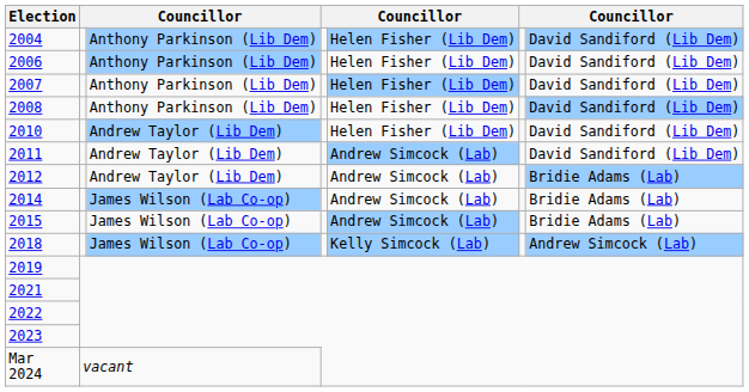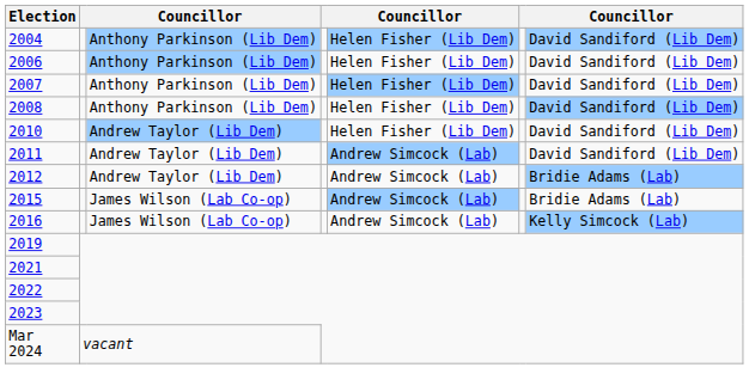 <table class="wikitable">
 <tr>
 <th>Election</th>
 <th colspan="2">Councillor</th>
 <th colspan="2">Councillor</th>
 <th colspan="2">Councillor</th>
 </tr>
 <tr>
 <td><a href='#'>2004</a></td>
 <td style="background-color: "></td>
 <td bgcolor="#99CCFF">Anthony Parkinson (<a href='#'>Lib Dem</a>)</td>
 <td style="background-color: "></td>
 <td bgcolor="#99CCFF">Helen Fisher (<a href='#'>Lib Dem</a>)</td>
 <td style="background-color: "></td>
 <td bgcolor="#99CCFF">David Sandiford (<a href='#'>Lib Dem</a>)</td>
 </tr>
 <tr>
 <td><a href='#'>2006</a></td>
 <td style="background-color: "></td>
 <td bgcolor="#99CCFF">Anthony Parkinson (<a href='#'>Lib Dem</a>)</td>
 <td style="background-color: "></td>
 <td>Helen Fisher (<a href='#'>Lib Dem</a>)</td>
 <td style="background-color: "></td>
 <td>David Sandiford (<a href='#'>Lib Dem</a>)</td>
 </tr>
 <tr>
 <td><a href='#'>2007</a></td>
 <td style="background-color: "></td>
 <td>Anthony Parkinson (<a href='#'>Lib Dem</a>)</td>
 <td style="background-color: "></td>
 <td bgcolor="#99CCFF">Helen Fisher (<a href='#'>Lib Dem</a>)</td>
 <td style="background-color: "></td>
 <td>David Sandiford (<a href='#'>Lib Dem</a>)</td>
 </tr>
 <tr>
 <td><a href='#'>2008</a></td>
 <td style="background-color: "></td>
 <td>Anthony Parkinson (<a href='#'>Lib Dem</a>)</td>
 <td style="background-color: "></td>
 <td>Helen Fisher (<a href='#'>Lib Dem</a>)</td>
 <td style="background-color: "></td>
 <td bgcolor="#99CCFF">David Sandiford (<a href='#'>Lib Dem</a>)</td>
 </tr>
 <tr>
 <td><a href='#'>2010</a></td>
 <td style="background-color: "></td>
 <td bgcolor="#99CCFF">Andrew Taylor (<a href='#'>Lib Dem</a>)</td>
 <td style="background-color: "></td>
 <td>Helen Fisher (<a href='#'>Lib Dem</a>)</td>
 <td style="background-color: "></td>
 <td>David Sandiford (<a href='#'>Lib Dem</a>)</td>
 </tr>
 <tr>
 <td><a href='#'>2011</a></td>
 <td style="background-color: "></td>
 <td>Andrew Taylor (<a href='#'>Lib Dem</a>)</td>
 <td style="background-color: "></td>
 <td bgcolor="#99CCFF">Andrew Simcock (<a href='#'>Lab</a>)</td>
 <td style="background-color: "></td>
 <td>David Sandiford (<a href='#'>Lib Dem</a>)</td>
 </tr>
 <tr>
 <td><a href='#'>2012</a></td>
 <td style="background-color: "></td>
 <td>Andrew Taylor (<a href='#'>Lib Dem</a>)</td>
 <td style="background-color: "></td>
 <td>Andrew Simcock (<a href='#'>Lab</a>)</td>
 <td style="background-color: "></td>
 <td bgcolor="#99CCFF">Bridie Adams (<a href='#'>Lab</a>)</td>
 </tr>
 <tr>
-<td><a href='#'>2014</a></td>
-<td style="background-color: "></td>
-<td bgcolor="#99CCFF">James Wilson (<a href='#'>Lab Co-op</a>)</td>
-<td style="background-color: "></td>
-<td>Andrew Simcock (<a href='#'>Lab</a>)</td>
-<td style="background-color: "></td>
-<td>Bridie Adams (<a href='#'>Lab</a>)</td>
-</tr>
-<tr>
 <td><a href='#'>2015</a></td>
 <td style="background-color: "></td>
 <td>James Wilson (<a href='#'>Lab Co-op</a>)</td>
 <td style="background-color: "></td>
 <td bgcolor="#99CCFF">Andrew Simcock (<a href='#'>Lab</a>)</td>
 <td style="background-color: "></td>
 <td>Bridie Adams (<a href='#'>Lab</a>)</td>
 </tr>
 <tr>
-<td><a href='#'>2018</a></td>
+<td><a href='#'>2016</a></td>
 <td style="background-color: "></td>
-<td bgcolor="#99CCFF">James Wilson (<a href='#'>Lab Co-op</a>)</td>
+<td>James Wilson (<a href='#'>Lab Co-op</a>)</td>
+<td style="background-color: "></td>
+<td>Andrew Simcock (<a href='#'>Lab</a>)</td>
 <td style="background-color: "></td>
 <td bgcolor="#99CCFF">Kelly Simcock (<a href='#'>Lab</a>)</td>
-<td style="background-color: "></td>
-<td bgcolor="#99CCFF">Andrew Simcock (<a href='#'>Lab</a>)</td>
 </tr>
 <tr>
 <td><a href='#'>2019</a><br>  </td>
 </tr>
 <tr>
 <td><a href='#'>2021</a><br>  </td>
 </tr>
 <tr>
 <td><a href='#'>2022</a><br>  </td>
 </tr>
 <tr>
 <td><a href='#'>2023</a><br>  </td>
 </tr>
 <tr>
 <td>Mar<br>2024</td>
 <td colspan=2><em>vacant</em><br> </td>
 </tr>
 </table>
